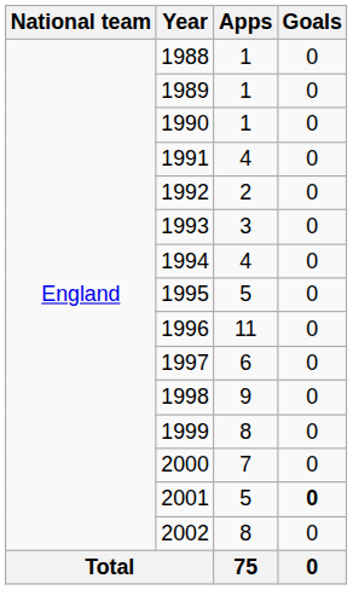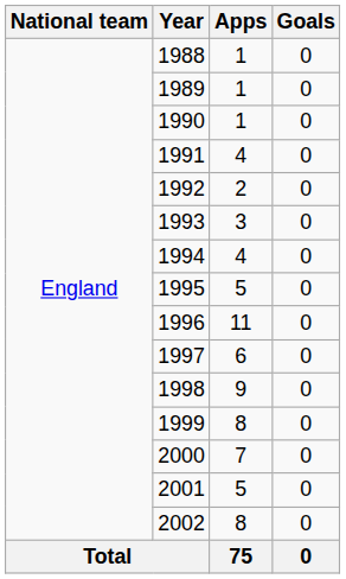 <table class="wikitable" style="text-align:center">
 <tr>
 <th>National team</th>
 <th>Year</th>
 <th>Apps</th>
 <th>Goals</th>
 </tr>
 <tr>
 <td rowspan="15"><a href='#'>England</a></td>
 <td>1988</td>
 <td>1</td>
 <td>0</td>
 </tr>
 <tr>
 <td>1989</td>
 <td>1</td>
 <td>0</td>
 </tr>
 <tr>
 <td>1990</td>
 <td>1</td>
 <td>0</td>
 </tr>
 <tr>
 <td>1991</td>
 <td>4</td>
 <td>0</td>
 </tr>
 <tr>
 <td>1992</td>
 <td>2</td>
 <td>0</td>
 </tr>
 <tr>
 <td>1993</td>
 <td>3</td>
 <td>0</td>
 </tr>
 <tr>
 <td>1994</td>
 <td>4</td>
 <td>0</td>
 </tr>
 <tr>
 <td>1995</td>
 <td>5</td>
 <td>0</td>
 </tr>
 <tr>
 <td>1996</td>
 <td>11</td>
 <td>0</td>
 </tr>
 <tr>
 <td>1997</td>
 <td>6</td>
 <td>0</td>
 </tr>
 <tr>
 <td>1998</td>
 <td>9</td>
 <td>0</td>
 </tr>
 <tr>
 <td>1999</td>
 <td>8</td>
 <td>0</td>
 </tr>
 <tr>
 <td>2000</td>
 <td>7</td>
 <td>0</td>
 </tr>
 <tr>
 <td>2001</td>
 <td>5</td>
-<td><strong>0</strong></td>
+<td>0</td>
 </tr>
 <tr>
 <td>2002</td>
 <td>8</td>
 <td>0</td>
 </tr>
 <tr>
 <th colspan="2">Total</th>
 <th>75</th>
 <th>0</th>
 </tr>
 </table>
